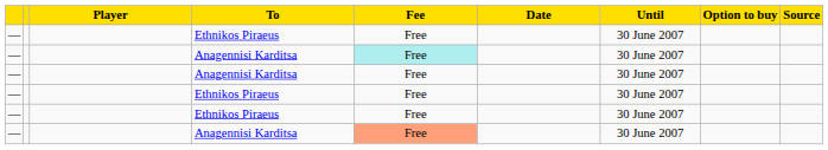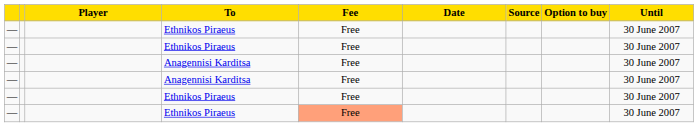 <table class="wikitable sortable">
 <tr>
 <th style="background:#FFDE00"></th>
 <th style="background:#FFDE00"></th>
 <th width=200 style="background:#FFDE00">Player</th>
 <th width=200 style="background:#FFDE00">To</th>
 <th width=150 style="background:#FFDE00">Fee</th>
 <th width=150 style="background:#FFDE00">Date</th>
+<th style="background:#FFDE00">Source</th>
+<th style="background:#FFDE00">Option to buy</th>
 <th width=120 style="background:#FFDE00">Until</th>
-<th style="background:#FFDE00">Option to buy</th>
-<th style="background:#FFDE00">Source</th>
 </tr>
 <tr>
 <td align=center>—</td>
 <td align=center></td>
 <td></td>
 <td> <a href='#'>Ethnikos Piraeus</a></td>
 <td align=center>Free</td>
 <td align=center></td>
-<td align=center>30 June 2007</td>
 <td align=center></td>
 <td align=center></td>
+<td align=center>30 June 2007</td>
 </tr>
 <tr>
 <td align=center>—</td>
 <td align=center></td>
 <td></td>
-<td> <a href='#'>Anagennisi Karditsa</a></td>
-<td align=center style="background: paleturquoise;">Free</td>
+<td> <a href='#'>Ethnikos Piraeus</a></td>
+<td align=center>Free</td>
+<td align=center></td>
+<td align=center></td>
 <td align=center></td>
 <td align=center>30 June 2007</td>
-<td align=center></td>
-<td align=center></td>
 </tr>
 <tr>
 <td align=center>—</td>
 <td align=center></td>
 <td></td>
 <td> <a href='#'>Anagennisi Karditsa</a></td>
 <td align=center>Free</td>
 <td align=center></td>
-<td align=center>30 June 2007</td>
 <td align=center></td>
 <td align=center></td>
+<td align=center>30 June 2007</td>
+</tr>
+<tr>
+<td align=center>—</td>
+<td align=center></td>
+<td></td>
+<td> <a href='#'>Anagennisi Karditsa</a></td>
+<td align=center>Free</td>
+<td align=center></td>
+<td align=center></td>
+<td align=center></td>
+<td align=center>30 June 2007</td>
 </tr>
 <tr>
 <td align=center>—</td>
 <td align=center></td>
 <td></td>
 <td> <a href='#'>Ethnikos Piraeus</a></td>
 <td align=center>Free</td>
 <td align=center></td>
-<td align=center>30 June 2007</td>
 <td align=center></td>
 <td align=center></td>
+<td align=center>30 June 2007</td>
 </tr>
 <tr>
 <td align=center>—</td>
 <td align=center></td>
 <td></td>
 <td> <a href='#'>Ethnikos Piraeus</a></td>
-<td align=center>Free</td>
+<td align=center style="background: lightsalmon;">Free</td>
+<td align=center></td>
+<td align=center></td>
 <td align=center></td>
 <td align=center>30 June 2007</td>
-<td align=center></td>
-<td align=center></td>
-</tr>
-<tr>
-<td align=center>—</td>
-<td align=center></td>
-<td></td>
-<td> <a href='#'>Anagennisi Karditsa</a></td>
-<td align=center style="background: lightsalmon;">Free</td>
-<td align=center></td>
-<td align=center>30 June 2007</td>
-<td align=center></td>
-<td align=center></td>
 </tr>
 </table>
